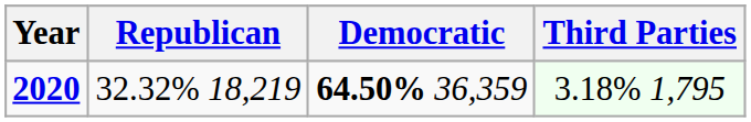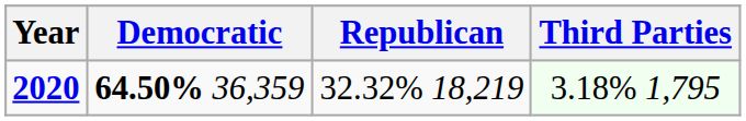 <table class="wikitable" style="float:right; font-size:95%;">
 <tr bgcolor=lightgrey>
 <th>Year</th>
+<th><a href='#'>Democratic</a></th>
 <th><a href='#'>Republican</a></th>
-<th><a href='#'>Democratic</a></th>
 <th><a href='#'>Third Parties</a></th>
 </tr>
 <tr>
 <td style="text-align:center; "><strong><a href='#'>2020</a></strong></td>
+<td style="text-align:center; "><strong>64.50%</strong> <em>36,359</em></td>
 <td style="text-align:center; ">32.32% <em>18,219</em></td>
-<td style="text-align:center; "><strong>64.50%</strong> <em>36,359</em></td>
 <td style="text-align:center; background:honeyDew;">3.18% <em>1,795</em></td>
 </tr>
 </table>
